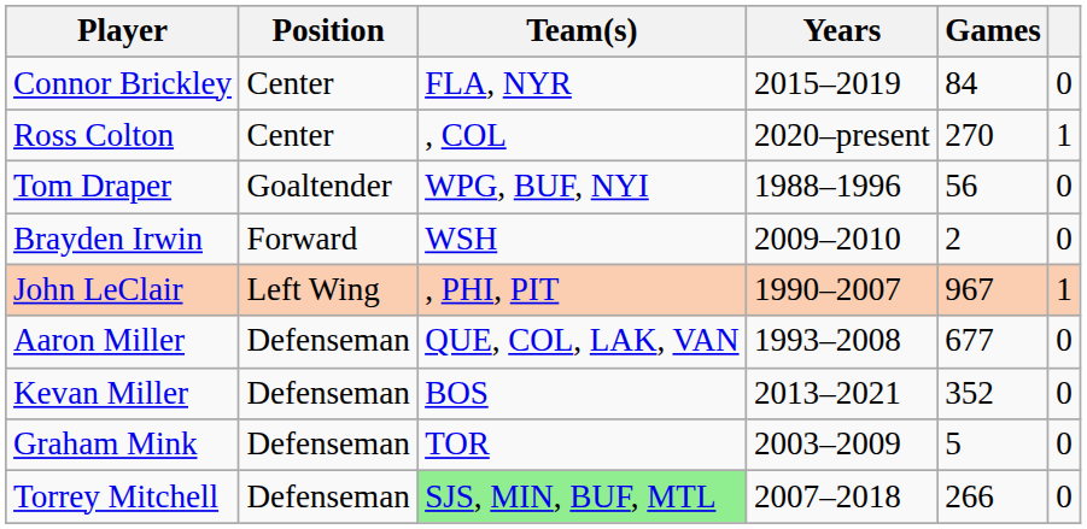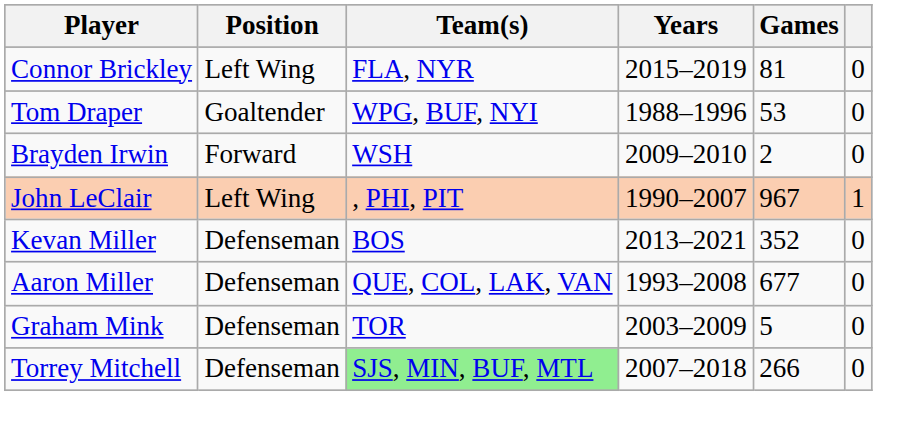 <table class="wikitable sortable">
 <tr>
 <th>Player</th>
 <th>Position</th>
 <th>Team(s)</th>
 <th>Years</th>
 <th>Games</th>
 <th><a href='#'></a></th>
 </tr>
 <tr>
 <td><a href='#'>Connor Brickley</a></td>
-<td>Center</td>
+<td>Left Wing</td>
 <td><a href='#'>FLA</a>, <a href='#'>NYR</a></td>
 <td>2015–2019</td>
-<td>84</td>
+<td>81</td>
 <td>0</td>
-</tr>
-<tr>
-<td><a href='#'>Ross Colton</a></td>
-<td>Center</td>
-<td><span><strong></strong></span>, <a href='#'>COL</a></td>
-<td>2020–present</td>
-<td>270</td>
-<td>1</td>
 </tr>
 <tr>
 <td><a href='#'>Tom Draper</a></td>
 <td>Goaltender</td>
 <td><a href='#'>WPG</a>, <a href='#'>BUF</a>, <a href='#'>NYI</a></td>
 <td>1988–1996</td>
-<td>56</td>
+<td>53</td>
 <td>0</td>
 </tr>
 <tr>
 <td><a href='#'>Brayden Irwin</a></td>
 <td>Forward</td>
 <td><a href='#'>WSH</a></td>
 <td>2009–2010</td>
 <td>2</td>
 <td>0</td>
 </tr>
 <tr bgcolor=FBCEB1>
 <td><a href='#'>John LeClair</a></td>
 <td>Left Wing</td>
 <td><span><strong></strong></span>, <a href='#'>PHI</a>, <a href='#'>PIT</a></td>
 <td>1990–2007</td>
 <td>967</td>
 <td>1</td>
 </tr>
 <tr>
+<td><a href='#'>Kevan Miller</a></td>
+<td>Defenseman</td>
+<td><a href='#'>BOS</a></td>
+<td>2013–2021</td>
+<td>352</td>
+<td>0</td>
+</tr>
+<tr>
 <td><a href='#'>Aaron Miller</a></td>
 <td>Defenseman</td>
 <td><a href='#'>QUE</a>, <a href='#'>COL</a>, <a href='#'>LAK</a>, <a href='#'>VAN</a></td>
 <td>1993–2008</td>
 <td>677</td>
-<td>0</td>
-</tr>
-<tr>
-<td><a href='#'>Kevan Miller</a></td>
-<td>Defenseman</td>
-<td><a href='#'>BOS</a></td>
-<td>2013–2021</td>
-<td>352</td>
 <td>0</td>
 </tr>
 <tr>
 <td><a href='#'>Graham Mink</a></td>
 <td>Defenseman</td>
 <td><a href='#'>TOR</a></td>
 <td>2003–2009</td>
 <td>5</td>
 <td>0</td>
 </tr>
 <tr>
 <td><a href='#'>Torrey Mitchell</a></td>
 <td>Defenseman</td>
 <td style="background: lightgreen;"><a href='#'>SJS</a>, <a href='#'>MIN</a>, <a href='#'>BUF</a>, <a href='#'>MTL</a></td>
 <td>2007–2018</td>
 <td>266</td>
 <td>0</td>
 </tr>
 </table>
